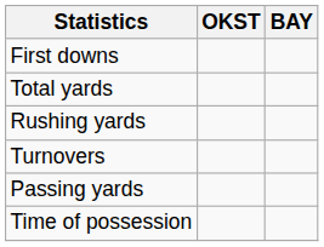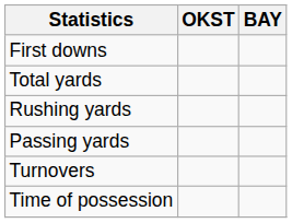 <table class="wikitable">
 <tr>
 <th>Statistics</th>
 <th>OKST</th>
 <th>BAY</th>
 </tr>
 <tr>
 <td>First downs</td>
 <td></td>
 <td></td>
 </tr>
 <tr>
 <td>Total yards</td>
 <td></td>
 <td></td>
 </tr>
 <tr>
 <td>Rushing yards</td>
 <td></td>
 <td></td>
 </tr>
 <tr>
-<td>Turnovers</td>
+<td>Passing yards</td>
 <td></td>
 <td></td>
 </tr>
 <tr>
-<td>Passing yards</td>
+<td>Turnovers</td>
 <td></td>
 <td></td>
 </tr>
 <tr>
 <td>Time of possession</td>
 <td></td>
 <td></td>
 </tr>
 <tr>
 </tr>
 </table>
